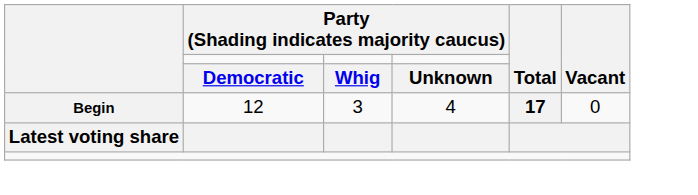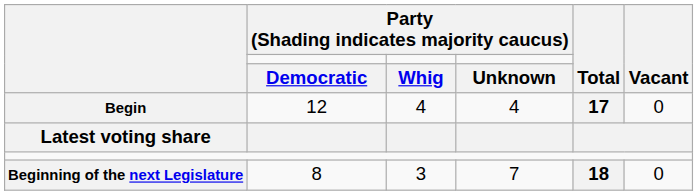 <table class=wikitable style="text-align:center">
 <tr style="vertical-align:bottom;">
 <th rowspan=3></th>
 <th colspan=3>Party <div>(Shading indicates majority caucus)</div></th>
 <th rowspan=3>Total</th>
 <th rowspan=3>Vacant</th>
 </tr>
 <tr style="height:5px">
 <td style="background-color:"></td>
 <td style="background-color:"></td>
 <td style="background-color:"></td>
 </tr>
 <tr>
 <th><a href='#'>Democratic</a></th>
 <th><a href='#'>Whig</a></th>
 <th>Unknown</th>
 </tr>
 <tr>
 <th style="font-size:80%">Begin</th>
 <td>12</td>
-<td>3</td>
+<td>4</td>
 <td>4</td>
 <th>17</th>
 <td>0</td>
 </tr>
 <tr>
 <th>Latest voting share</th>
 <th></th>
 <th></th>
 <th></th>
 <th colspan=2></th>
 </tr>
 <tr>
 <td colspan=6></td>
 </tr>
+<tr>
+<th style="white-space:nowrap; font-size:80%;">Beginning of the <a href='#'>next Legislature</a></th>
+<td>8</td>
+<td>3</td>
+<td>7</td>
+<th>18</th>
+<td>0</td>
+</tr>
 </table>
